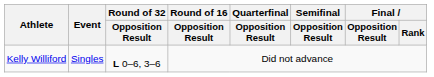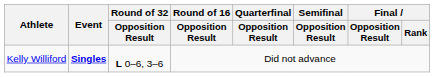 <table class=wikitable style=font-size:90%;text-align:center>
 <tr>
 <th rowspan=2>Athlete</th>
 <th rowspan=2>Event</th>
 <th>Round of 32</th>
 <th>Round of 16</th>
 <th>Quarterfinal</th>
 <th>Semifinal</th>
 <th colspan=2>Final / </th>
 </tr>
 <tr style=font-size:95%>
 <th>Opposition<br>Result</th>
 <th>Opposition<br>Result</th>
 <th>Opposition<br>Result</th>
 <th>Opposition<br>Result</th>
 <th>Opposition<br>Result</th>
 <th>Rank</th>
 </tr>
 <tr>
 <td align=left><a href='#'>Kelly Williford</a></td>
-<td align=left><a href='#'>Singles</a></td>
+<td align=left><strong><a href='#'>Singles</a></strong></td>
 <td><br><strong>L</strong> 0–6, 3–6</td>
 <td colspan=6>Did not advance</td>
 </tr>
 </table>
